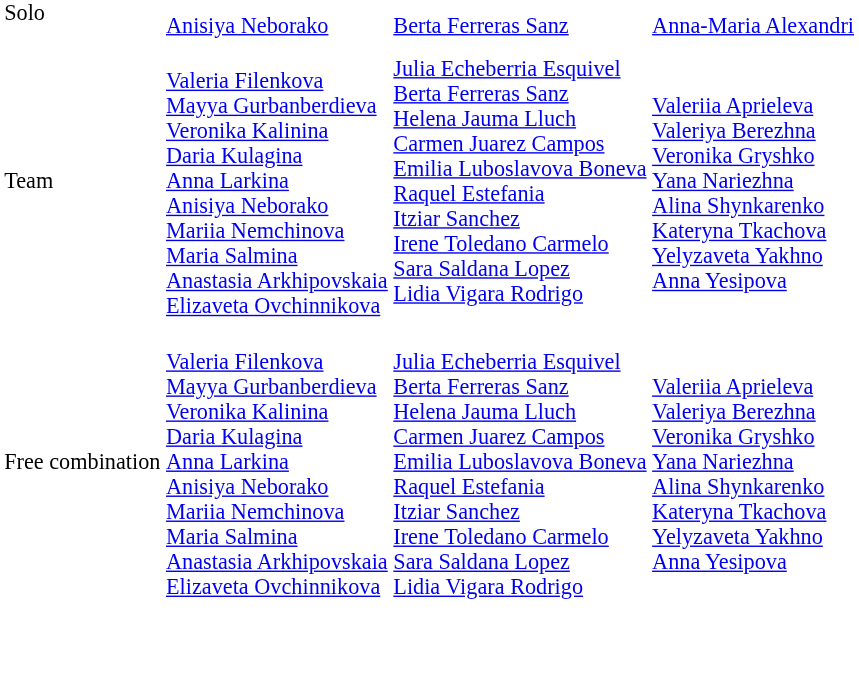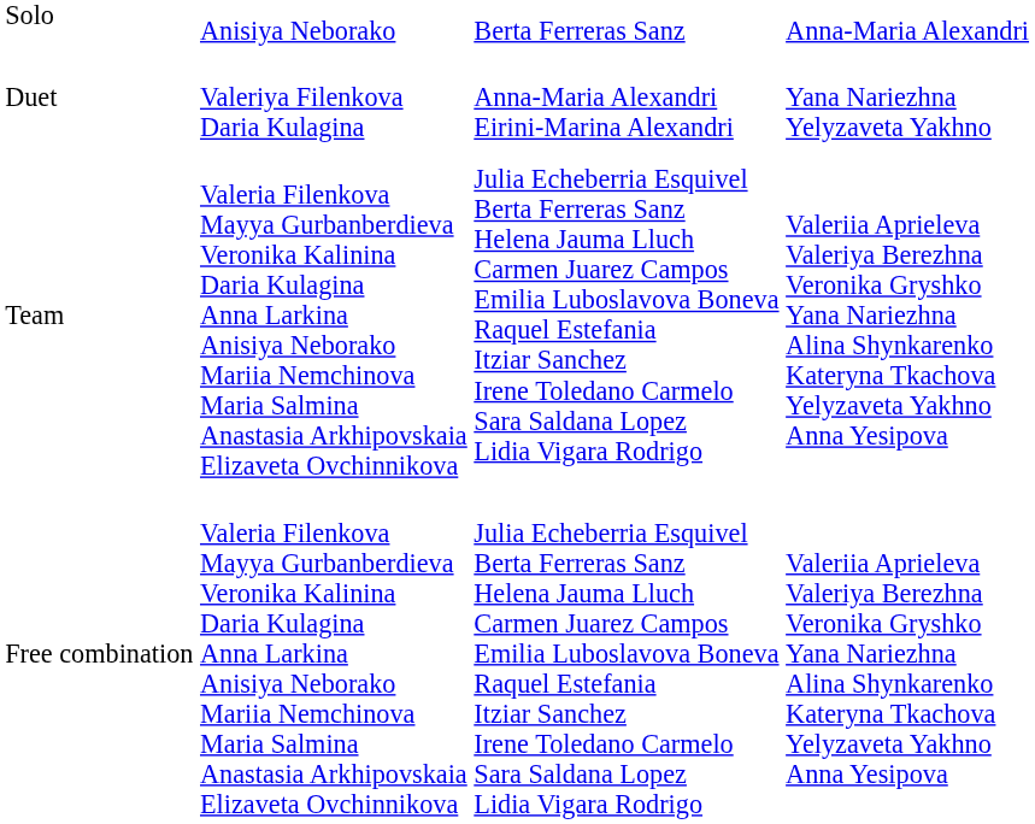 <table>
 <tr>
 <td>Solo<br></td>
 <td><br><a href='#'>Anisiya Neborako</a></td>
 <td><br><a href='#'>Berta Ferreras Sanz</a></td>
 <td><br><a href='#'>Anna-Maria Alexandri</a></td>
+</tr>
+<tr>
+<td>Duet<br></td>
+<td><br><a href='#'>Valeriya Filenkova</a><br><a href='#'>Daria Kulagina</a></td>
+<td><br><a href='#'>Anna-Maria Alexandri</a><br><a href='#'>Eirini-Marina Alexandri</a></td>
+<td><br><a href='#'>Yana Nariezhna</a><br><a href='#'>Yelyzaveta Yakhno</a></td>
 </tr>
 <tr>
 <td>Team<br></td>
 <td><br><a href='#'>Valeria Filenkova</a><br><a href='#'>Mayya Gurbanberdieva</a><br><a href='#'>Veronika Kalinina</a><br><a href='#'>Daria Kulagina</a><br><a href='#'>Anna Larkina</a><br><a href='#'>Anisiya Neborako</a><br><a href='#'>Mariia Nemchinova</a><br><a href='#'>Maria Salmina</a><br><a href='#'>Anastasia Arkhipovskaia</a><br><a href='#'>Elizaveta Ovchinnikova</a></td>
 <td><a href='#'>Julia Echeberria Esquivel</a><br><a href='#'>Berta Ferreras Sanz</a><br><a href='#'>Helena Jauma Lluch</a><br><a href='#'>Carmen Juarez Campos</a><br><a href='#'>Emilia Luboslavova Boneva</a><br><a href='#'>Raquel Estefania</a><br><a href='#'>Itziar Sanchez</a><br><a href='#'>Irene Toledano Carmelo</a><br><a href='#'>Sara Saldana Lopez</a><br><a href='#'>Lidia Vigara Rodrigo</a></td>
 <td><br><a href='#'>Valeriia Aprieleva</a><br><a href='#'>Valeriya Berezhna</a><br><a href='#'>Veronika Gryshko</a><br><a href='#'>Yana Nariezhna</a><br><a href='#'>Alina Shynkarenko</a><br><a href='#'>Kateryna Tkachova</a><br><a href='#'>Yelyzaveta Yakhno</a><br><a href='#'>Anna Yesipova</a></td>
 </tr>
 <tr>
 <td>Free combination<br></td>
 <td><br><a href='#'>Valeria Filenkova</a><br><a href='#'>Mayya Gurbanberdieva</a><br><a href='#'>Veronika Kalinina</a><br><a href='#'>Daria Kulagina</a><br><a href='#'>Anna Larkina</a><br><a href='#'>Anisiya Neborako</a><br><a href='#'>Mariia Nemchinova</a><br><a href='#'>Maria Salmina</a><br><a href='#'>Anastasia Arkhipovskaia</a><br><a href='#'>Elizaveta Ovchinnikova</a></td>
 <td><br><a href='#'>Julia Echeberria Esquivel</a><br><a href='#'>Berta Ferreras Sanz</a><br><a href='#'>Helena Jauma Lluch</a><br><a href='#'>Carmen Juarez Campos</a><br><a href='#'>Emilia Luboslavova Boneva</a><br><a href='#'>Raquel Estefania</a><br><a href='#'>Itziar Sanchez</a><br><a href='#'>Irene Toledano Carmelo</a><br><a href='#'>Sara Saldana Lopez</a><br><a href='#'>Lidia Vigara Rodrigo</a></td>
 <td><br><a href='#'>Valeriia Aprieleva</a><br><a href='#'>Valeriya Berezhna</a><br><a href='#'>Veronika Gryshko</a><br><a href='#'>Yana Nariezhna</a><br><a href='#'>Alina Shynkarenko</a><br><a href='#'>Kateryna Tkachova</a><br><a href='#'>Yelyzaveta Yakhno</a><br><a href='#'>Anna Yesipova</a></td>
 </tr>
 </table>
